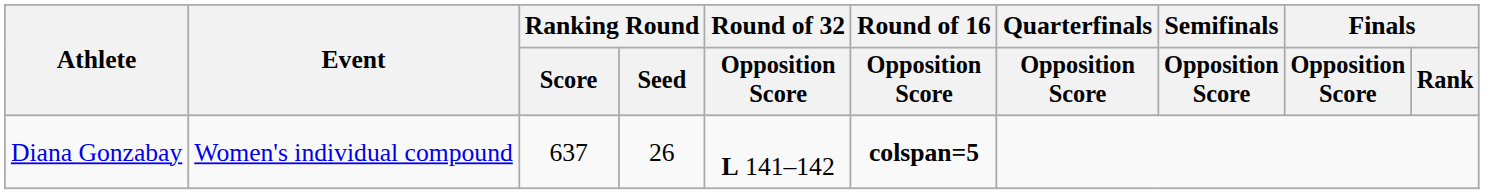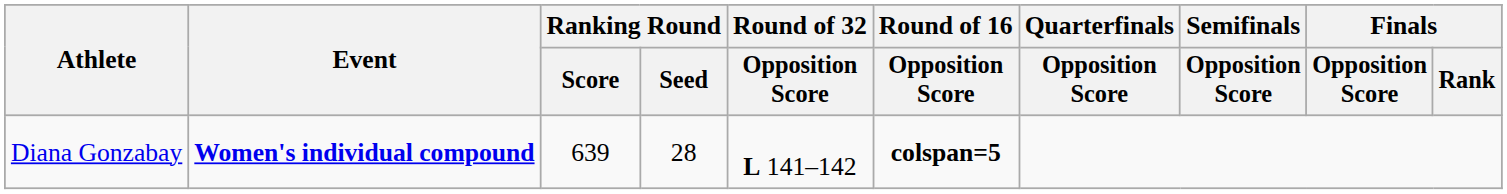 <table class="wikitable" style="text-align: center; font-size:90%">
 <tr>
 <th rowspan="2">Athlete</th>
 <th rowspan="2">Event</th>
 <th colspan="2">Ranking Round</th>
 <th>Round of 32</th>
 <th>Round of 16</th>
 <th>Quarterfinals</th>
 <th>Semifinals</th>
 <th colspan="2">Finals</th>
 </tr>
 <tr style="font-size:95%">
 <th>Score</th>
 <th>Seed</th>
 <th>Opposition<br>Score</th>
 <th>Opposition<br>Score</th>
 <th>Opposition<br>Score</th>
 <th>Opposition<br>Score</th>
 <th>Opposition<br>Score</th>
 <th>Rank</th>
 </tr>
 <tr align=center>
 <td align=left><a href='#'>Diana Gonzabay</a></td>
-<td align=left><a href='#'>Women's individual compound</a></td>
-<td>637</td>
-<td>26</td>
+<td align=left><strong><a href='#'>Women's individual compound</a></strong></td>
+<td>639</td>
+<td>28</td>
 <td><br><strong>L</strong> 141–142</td>
 <td><strong>colspan=5 </strong></td>
 </tr>
 </table>
